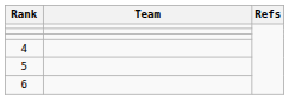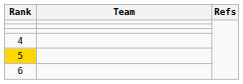 <table class="wikitable" style="text-align: center; font-size:90% ">
 <tr>
 <th width=35>Rank</th>
 <th width=220>Team</th>
 <th width=25>Refs</th>
 </tr>
 <tr>
 <td></td>
 <td align=left></td>
 <td rowspan=6></td>
 </tr>
 <tr>
 <td></td>
 <td align=left></td>
 </tr>
 <tr>
 <td></td>
 <td align=left></td>
 </tr>
 <tr>
 <td>4</td>
 <td align=left></td>
 </tr>
 <tr>
-<td>5</td>
+<td style="background: gold;">5</td>
 <td align=left></td>
 </tr>
 <tr>
 <td>6</td>
 <td align=left></td>
 </tr>
 </table>
